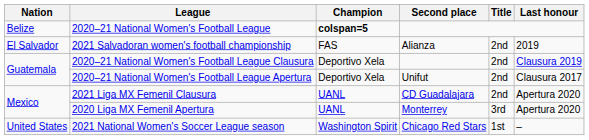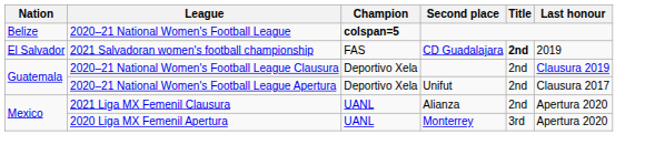 <table class=wikitable style="font-size:14px">
 <tr>
 <th>Nation</th>
 <th>League</th>
 <th>Champion</th>
 <th>Second place</th>
 <th data-sort-type="number">Title</th>
 <th>Last honour</th>
 </tr>
 <tr>
 <td> <a href='#'>Belize</a></td>
 <td><a href='#'>2020–21 National Women's Football League</a></td>
 <td><strong>colspan=5 </strong></td>
 </tr>
 <tr>
 <td> <a href='#'>El Salvador</a></td>
 <td><a href='#'>2021 Salvadoran women's football championship</a></td>
 <td>FAS</td>
-<td>Alianza</td>
-<td>2nd</td>
+<td><a href='#'>CD Guadalajara</a></td>
+<td><strong>2nd</strong></td>
 <td>2019</td>
 </tr>
 <tr>
 <td rowspan=2> <a href='#'>Guatemala</a></td>
 <td><a href='#'>2020–21 National Women's Football League Clausura</a></td>
 <td>Deportivo Xela</td>
 <td></td>
 <td>2nd</td>
 <td><a href='#'>Clausura 2019</a></td>
 </tr>
 <tr>
 <td><a href='#'>2020–21 National Women's Football League Apertura</a></td>
 <td>Deportivo Xela</td>
 <td>Unifut</td>
 <td>2nd</td>
 <td>Clausura 2017</td>
 </tr>
 <tr>
 <td rowspan=2> <a href='#'>Mexico</a></td>
 <td><a href='#'>2021 Liga MX Femenil Clausura</a></td>
 <td><a href='#'>UANL</a></td>
-<td><a href='#'>CD Guadalajara</a></td>
+<td>Alianza</td>
 <td>2nd</td>
 <td>Apertura 2020</td>
 </tr>
 <tr>
 <td><a href='#'>2020 Liga MX Femenil Apertura</a></td>
 <td><a href='#'>UANL</a></td>
 <td><a href='#'>Monterrey</a></td>
 <td>3rd</td>
 <td>Apertura 2020</td>
 </tr>
-<tr>
-<td> <a href='#'>United States</a></td>
-<td><a href='#'>2021 National Women's Soccer League season</a></td>
-<td><a href='#'>Washington Spirit</a></td>
-<td><a href='#'>Chicago Red Stars</a></td>
-<td>1st</td>
-<td>–</td>
-</tr>
 </table>
